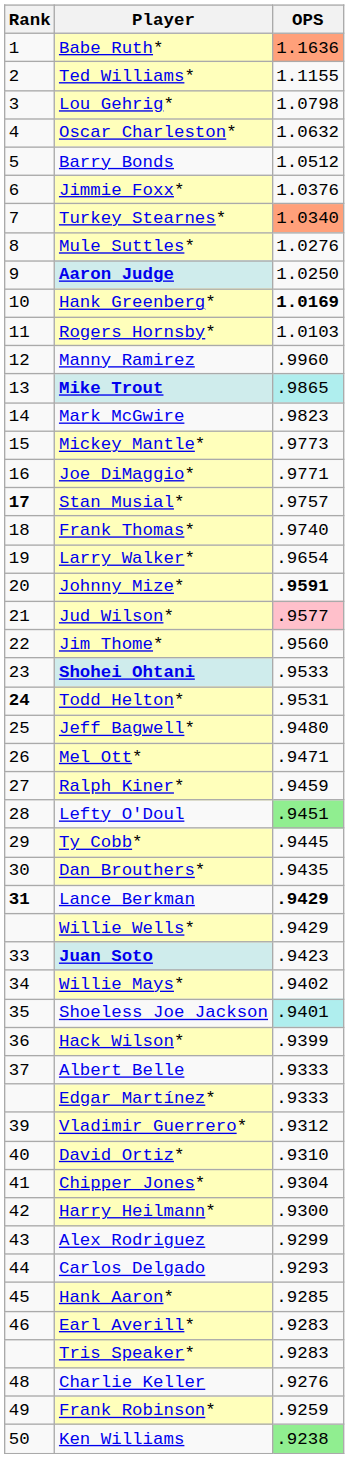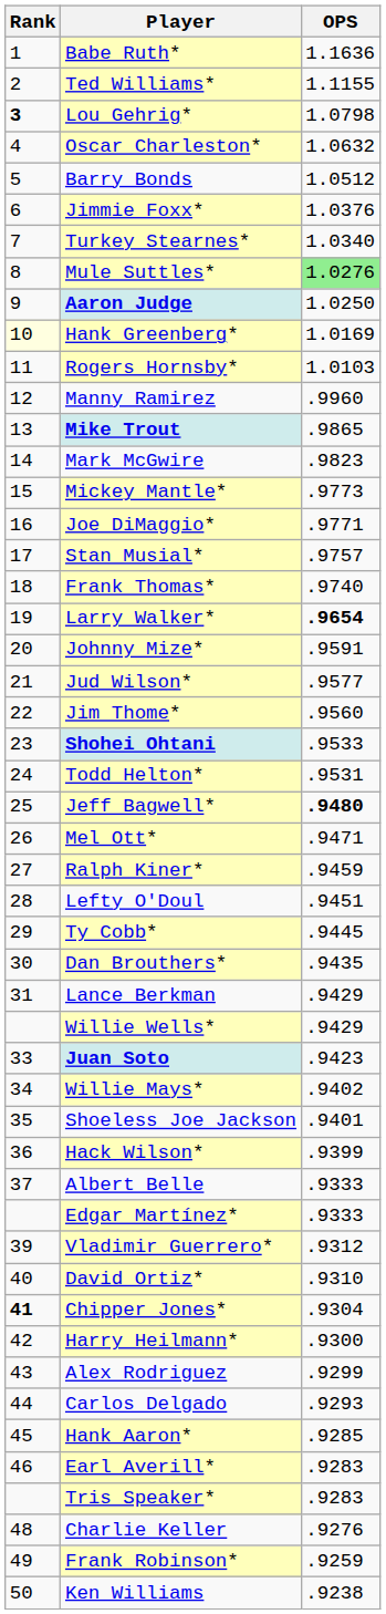 <table class="wikitable" style="float:left;">
 <tr style="white-space:nowrap;">
 <th>Rank</th>
 <th>Player</th>
 <th>OPS</th>
 </tr>
 <tr>
 <td>1</td>
 <td style="background:#ffffbb;"><a href='#'>Babe Ruth</a>*</td>
-<td style="background: lightsalmon;">1.1636</td>
+<td>1.1636</td>
 </tr>
 <tr>
 <td>2</td>
 <td style="background:#ffffbb;"><a href='#'>Ted Williams</a>*</td>
 <td>1.1155</td>
 </tr>
 <tr>
-<td>3</td>
+<td><strong>3</strong></td>
 <td style="background:#ffffbb;"><a href='#'>Lou Gehrig</a>*</td>
 <td>1.0798</td>
 </tr>
 <tr>
 <td>4</td>
 <td style="background:#ffffbb;"><a href='#'>Oscar Charleston</a>*</td>
 <td>1.0632</td>
 </tr>
 <tr>
 <td>5</td>
 <td><a href='#'>Barry Bonds</a></td>
 <td>1.0512</td>
 </tr>
 <tr>
 <td>6</td>
 <td style="background:#ffffbb;"><a href='#'>Jimmie Foxx</a>*</td>
 <td>1.0376</td>
 </tr>
 <tr>
 <td>7</td>
 <td style="background:#ffffbb;"><a href='#'>Turkey Stearnes</a>*</td>
-<td style="background: lightsalmon;">1.0340</td>
+<td>1.0340</td>
 </tr>
 <tr>
 <td>8</td>
 <td style="background:#ffffbb;"><a href='#'>Mule Suttles</a>*</td>
-<td>1.0276</td>
+<td style="background: lightgreen;">1.0276</td>
 </tr>
 <tr>
 <td>9</td>
 <td style="background:#cfecec;"><strong><a href='#'>Aaron Judge</a></strong></td>
 <td>1.0250</td>
 </tr>
 <tr>
-<td>10</td>
+<td style="background: lightyellow;">10</td>
 <td style="background:#ffffbb;"><a href='#'>Hank Greenberg</a>*</td>
-<td><strong>1.0169</strong></td>
+<td>1.0169</td>
 </tr>
 <tr>
 <td>11</td>
 <td style="background:#ffffbb;"><a href='#'>Rogers Hornsby</a>*</td>
 <td>1.0103</td>
 </tr>
 <tr>
 <td>12</td>
 <td><a href='#'>Manny Ramirez</a></td>
 <td>.9960</td>
 </tr>
 <tr>
 <td>13</td>
 <td style="background:#cfecec;"><strong><a href='#'>Mike Trout</a></strong></td>
-<td style="background: paleturquoise;">.9865</td>
+<td>.9865</td>
 </tr>
 <tr>
 <td>14</td>
 <td><a href='#'>Mark McGwire</a></td>
 <td>.9823</td>
 </tr>
 <tr>
 <td>15</td>
 <td style="background:#ffffbb;"><a href='#'>Mickey Mantle</a>*</td>
 <td>.9773</td>
 </tr>
 <tr>
 <td>16</td>
 <td style="background:#ffffbb;"><a href='#'>Joe DiMaggio</a>*</td>
 <td>.9771</td>
 </tr>
 <tr>
-<td><strong>17</strong></td>
+<td>17</td>
 <td style="background:#ffffbb;"><a href='#'>Stan Musial</a>*</td>
 <td>.9757</td>
 </tr>
 <tr>
 <td>18</td>
 <td style="background:#ffffbb;"><a href='#'>Frank Thomas</a>*</td>
 <td>.9740</td>
 </tr>
 <tr>
 <td>19</td>
 <td style="background:#ffffbb;"><a href='#'>Larry Walker</a>*</td>
-<td>.9654</td>
+<td><strong>.9654</strong></td>
 </tr>
 <tr>
 <td>20</td>
 <td style="background:#ffffbb;"><a href='#'>Johnny Mize</a>*</td>
-<td><strong>.9591</strong></td>
+<td>.9591</td>
 </tr>
 <tr>
 <td>21</td>
 <td style="background:#ffffbb;"><a href='#'>Jud Wilson</a>*</td>
-<td style="background: pink;">.9577</td>
+<td>.9577</td>
 </tr>
 <tr>
 <td>22</td>
 <td style="background:#ffffbb;"><a href='#'>Jim Thome</a>*</td>
 <td>.9560</td>
 </tr>
 <tr>
 <td>23</td>
 <td style="background:#cfecec;"><strong><a href='#'>Shohei Ohtani</a></strong></td>
 <td>.9533</td>
 </tr>
 <tr>
-<td><strong>24</strong></td>
+<td>24</td>
 <td style="background:#ffffbb;"><a href='#'>Todd Helton</a>*</td>
 <td>.9531</td>
 </tr>
 <tr>
 <td>25</td>
 <td style="background:#ffffbb;"><a href='#'>Jeff Bagwell</a>*</td>
-<td>.9480</td>
+<td><strong>.9480</strong></td>
 </tr>
 <tr>
 <td>26</td>
 <td style="background:#ffffbb;"><a href='#'>Mel Ott</a>*</td>
 <td>.9471</td>
 </tr>
 <tr>
 <td>27</td>
 <td style="background:#ffffbb;"><a href='#'>Ralph Kiner</a>*</td>
 <td>.9459</td>
 </tr>
 <tr>
 <td>28</td>
 <td><a href='#'>Lefty O'Doul</a></td>
-<td style="background: lightgreen;">.9451</td>
+<td>.9451</td>
 </tr>
 <tr>
 <td>29</td>
 <td style="background:#ffffbb;"><a href='#'>Ty Cobb</a>*</td>
 <td>.9445</td>
 </tr>
 <tr>
 <td>30</td>
 <td style="background:#ffffbb;"><a href='#'>Dan Brouthers</a>*</td>
 <td>.9435</td>
 </tr>
 <tr>
-<td><strong>31</strong></td>
+<td>31</td>
 <td><a href='#'>Lance Berkman</a></td>
-<td><strong>.9429</strong></td>
+<td>.9429</td>
 </tr>
 <tr>
 <td></td>
 <td style="background:#ffffbb;"><a href='#'>Willie Wells</a>*</td>
 <td>.9429</td>
 </tr>
 <tr>
 <td>33</td>
 <td style="background:#cfecec;"><strong><a href='#'>Juan Soto</a></strong></td>
 <td>.9423</td>
 </tr>
 <tr>
 <td>34</td>
 <td style="background:#ffffbb;"><a href='#'>Willie Mays</a>*</td>
 <td>.9402</td>
 </tr>
 <tr>
 <td>35</td>
 <td><a href='#'>Shoeless Joe Jackson</a></td>
-<td style="background: paleturquoise;">.9401</td>
+<td>.9401</td>
 </tr>
 <tr>
 <td>36</td>
 <td style="background:#ffffbb;"><a href='#'>Hack Wilson</a>*</td>
 <td>.9399</td>
 </tr>
 <tr>
 <td>37</td>
 <td><a href='#'>Albert Belle</a></td>
 <td>.9333</td>
 </tr>
 <tr>
 <td></td>
 <td style="background:#ffffbb;"><a href='#'>Edgar Martínez</a>*</td>
 <td>.9333</td>
 </tr>
 <tr>
 <td>39</td>
 <td style="background:#ffffbb;"><a href='#'>Vladimir Guerrero</a>*</td>
 <td>.9312</td>
 </tr>
 <tr>
 <td>40</td>
 <td style="background:#ffffbb;"><a href='#'>David Ortiz</a>*</td>
 <td>.9310</td>
 </tr>
 <tr>
-<td>41</td>
+<td><strong>41</strong></td>
 <td style="background:#ffffbb;"><a href='#'>Chipper Jones</a>*</td>
 <td>.9304</td>
 </tr>
 <tr>
 <td>42</td>
 <td style="background:#ffffbb;"><a href='#'>Harry Heilmann</a>*</td>
 <td>.9300</td>
 </tr>
 <tr>
 <td>43</td>
 <td><a href='#'>Alex Rodriguez</a></td>
 <td>.9299</td>
 </tr>
 <tr>
 <td>44</td>
 <td><a href='#'>Carlos Delgado</a></td>
 <td>.9293</td>
 </tr>
 <tr>
 <td>45</td>
 <td style="background:#ffffbb;"><a href='#'>Hank Aaron</a>*</td>
 <td>.9285</td>
 </tr>
 <tr>
 <td>46</td>
 <td style="background:#ffffbb;"><a href='#'>Earl Averill</a>*</td>
 <td>.9283</td>
 </tr>
 <tr>
 <td></td>
 <td style="background:#ffffbb;"><a href='#'>Tris Speaker</a>*</td>
 <td>.9283</td>
 </tr>
 <tr>
 <td>48</td>
 <td><a href='#'>Charlie Keller</a></td>
 <td>.9276</td>
 </tr>
 <tr>
 <td>49</td>
 <td style="background:#ffffbb;"><a href='#'>Frank Robinson</a>*</td>
 <td>.9259</td>
 </tr>
 <tr>
 <td>50</td>
 <td><a href='#'>Ken Williams</a></td>
-<td style="background: lightgreen;">.9238</td>
+<td>.9238</td>
 </tr>
 </table>
